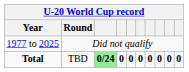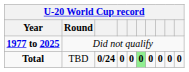 <table class="wikitable" style="text-align:center;">
 <tr>
 <th colspan="10"><a href='#'>U-20 World Cup record</a></th>
 </tr>
 <tr>
 <th width=>Year</th>
 <th width=>Round</th>
 <th width=></th>
 <th width=></th>
 <th width=></th>
 <th width=></th>
 <th width=></th>
 <th width=></th>
 <th width=></th>
 <th width=></th>
 </tr>
 <tr>
-<td> <a href='#'>1977</a> to  <a href='#'>2025</a></td>
+<td><strong> <a href='#'>1977</a> to  <a href='#'>2025</a></strong></td>
 <td colspan=9><em>Did not qualify</em></td>
 </tr>
 <tr>
 <td><strong>Total</strong></td>
 <td>TBD</td>
-<td style="background: lightgreen;"><strong>0/24</strong></td>
+<td><strong>0/24</strong></td>
 <td><strong>0</strong></td>
 <td><strong>0</strong></td>
-<td><strong>0</strong></td>
+<td style="background: lightgreen;"><strong>0</strong></td>
 <td><strong>0</strong></td>
 <td><strong>0</strong></td>
 <td><strong>0</strong></td>
 <td><strong>0</strong></td>
 </tr>
 </table>
